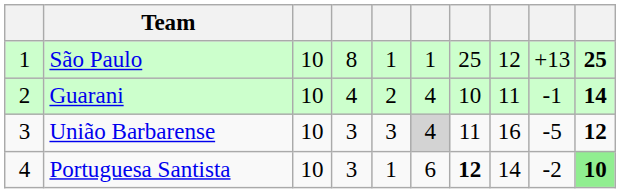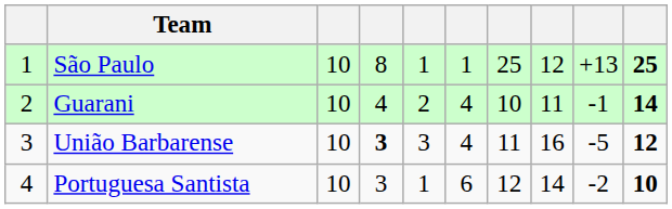 <table class="wikitable" style="text-align: center;">
 <tr>
 <th width=20></th>
 <th width=165>Team</th>
 <th width=20></th>
 <th width=20></th>
 <th width=20></th>
 <th width=20></th>
 <th width=20></th>
 <th width=20></th>
 <th width=20></th>
 <th width=20></th>
 </tr>
 <tr bgcolor="#ccffcc">
 <td>1</td>
 <td align=left><a href='#'>São Paulo</a></td>
 <td>10</td>
 <td>8</td>
 <td>1</td>
 <td>1</td>
 <td>25</td>
 <td>12</td>
 <td>+13</td>
 <td><strong>25</strong></td>
 </tr>
 <tr bgcolor="#ccffcc">
 <td>2</td>
 <td align=left><a href='#'>Guarani</a></td>
 <td>10</td>
 <td>4</td>
 <td>2</td>
 <td>4</td>
 <td>10</td>
 <td>11</td>
 <td>-1</td>
 <td><strong>14</strong></td>
 </tr>
 <tr>
 <td>3</td>
 <td align=left><a href='#'>União Barbarense</a></td>
 <td>10</td>
+<td><strong>3</strong></td>
 <td>3</td>
-<td>3</td>
-<td style="background: lightgrey;">4</td>
+<td>4</td>
 <td>11</td>
 <td>16</td>
 <td>-5</td>
 <td><strong>12</strong></td>
 </tr>
 <tr>
 <td>4</td>
 <td align=left><a href='#'>Portuguesa Santista</a></td>
 <td>10</td>
 <td>3</td>
 <td>1</td>
 <td>6</td>
-<td><strong>12</strong></td>
+<td>12</td>
 <td>14</td>
 <td>-2</td>
-<td style="background: lightgreen;"><strong>10</strong></td>
+<td><strong>10</strong></td>
 </tr>
 </table>
